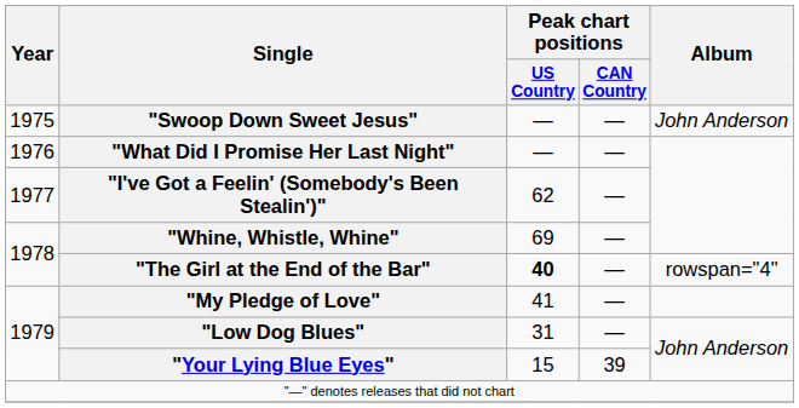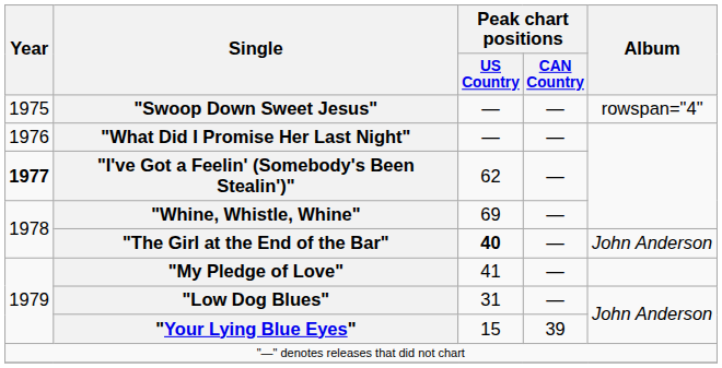 <table class="wikitable plainrowheaders" style="text-align:center;">
 <tr>
 <th rowspan="2">Year</th>
 <th rowspan="2" style="width:22em;">Single</th>
 <th colspan="2">Peak chart<br>positions</th>
 <th rowspan="2">Album</th>
 </tr>
 <tr style="font-size:smaller;">
 <th width="45"><a href='#'>US Country</a><br></th>
 <th width="45"><a href='#'>CAN Country</a><br></th>
 </tr>
 <tr>
 <td>1975</td>
 <th scope="row">"Swoop Down Sweet Jesus"</th>
 <td>—</td>
 <td>—</td>
-<td align="left"><em>John Anderson</em></td>
+<td>rowspan="4" </td>
 </tr>
 <tr>
 <td>1976</td>
 <th scope="row">"What Did I Promise Her Last Night"</th>
 <td>—</td>
 <td>—</td>
 </tr>
 <tr>
-<td>1977</td>
+<td><strong>1977</strong></td>
 <th scope="row">"I've Got a Feelin' (Somebody's Been Stealin')"</th>
 <td>62</td>
 <td>—</td>
 </tr>
 <tr>
 <td rowspan="2">1978</td>
 <th scope="row">"Whine, Whistle, Whine"</th>
 <td>69</td>
 <td>—</td>
 </tr>
 <tr>
 <th scope="row">"The Girl at the End of the Bar"</th>
 <td><strong>40</strong></td>
 <td>—</td>
-<td>rowspan="4" </td>
+<td align="left"><em>John Anderson</em></td>
 </tr>
 <tr>
 <td rowspan="3">1979</td>
 <th scope="row">"My Pledge of Love"</th>
 <td>41</td>
 <td>—</td>
 <td></td>
 </tr>
 <tr>
 <th scope="row">"Low Dog Blues"</th>
 <td>31</td>
 <td>—</td>
 <td align="left" rowspan="2"><em>John Anderson</em></td>
 </tr>
 <tr>
 <th scope="row">"<a href='#'>Your Lying Blue Eyes</a>"</th>
 <td>15</td>
 <td>39</td>
 </tr>
 <tr>
 <td colspan="10" style="font-size:8pt">"—" denotes releases that did not chart</td>
 </tr>
 <tr>
 </tr>
 </table>
